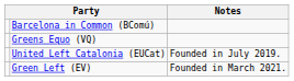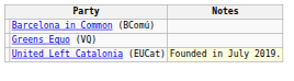 <table class="wikitable" style="text-align:left; font-size:95%;">
 <tr>
 <th colspan="2">Party</th>
 <th>Notes</th>
 </tr>
 <tr>
 <td width="1"></td>
 <td><a href='#'>Barcelona in Common</a> (BComú)</td>
 <td></td>
 </tr>
 <tr>
 <td></td>
 <td><a href='#'>Greens Equo</a> (VQ)</td>
 <td></td>
 </tr>
 <tr>
 <td></td>
 <td><a href='#'>United Left Catalonia</a> (EUCat)</td>
-<td>Founded in July 2019.</td>
-</tr>
-<tr>
-<td></td>
-<td><a href='#'>Green Left</a> (EV)</td>
-<td>Founded in March 2021.</td>
+<td style="background: lightyellow;">Founded in July 2019.</td>
 </tr>
 </table>
